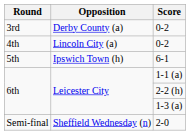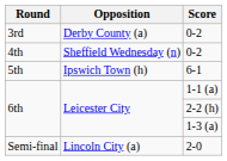 <table class="wikitable">
 <tr>
 <th>Round</th>
 <th>Opposition</th>
 <th>Score</th>
 </tr>
 <tr>
 <td>3rd</td>
 <td><a href='#'>Derby County</a> (a)</td>
 <td>0-2</td>
 </tr>
 <tr>
 <td>4th</td>
-<td><a href='#'>Lincoln City</a> (a)</td>
+<td><a href='#'>Sheffield Wednesday</a> (<a href='#'>n</a>)</td>
 <td>0-2</td>
 </tr>
 <tr>
 <td>5th</td>
 <td><a href='#'>Ipswich Town</a> (h)</td>
 <td>6-1</td>
 </tr>
 <tr>
 <td rowspan="3">6th</td>
 <td rowspan="3"><a href='#'>Leicester City</a></td>
 <td>1-1 (a)</td>
 </tr>
 <tr>
 <td>2-2 (h)</td>
 </tr>
 <tr>
 <td>1-3 (a)</td>
 </tr>
 <tr>
 <td>Semi-final</td>
-<td><a href='#'>Sheffield Wednesday</a> (<a href='#'>n</a>)</td>
+<td><a href='#'>Lincoln City</a> (a)</td>
 <td>2-0</td>
 </tr>
 </table>
